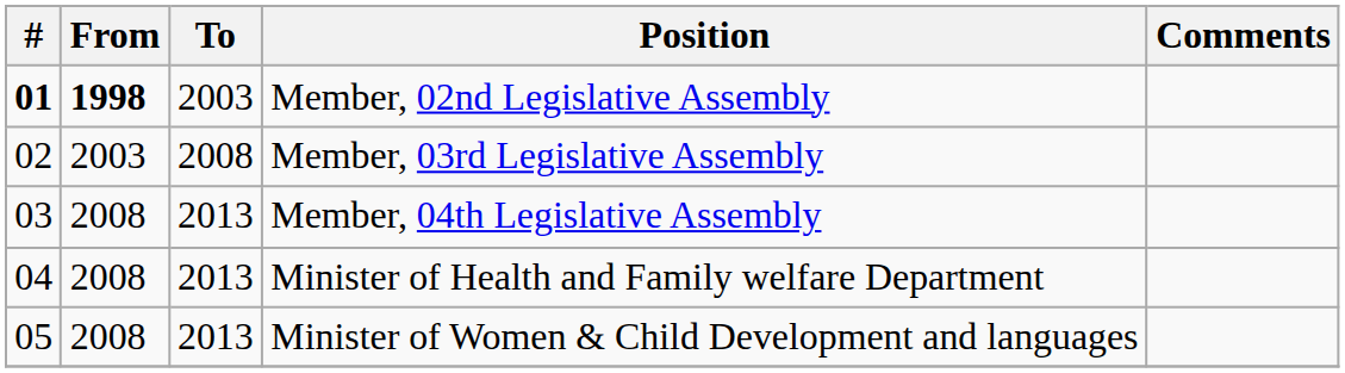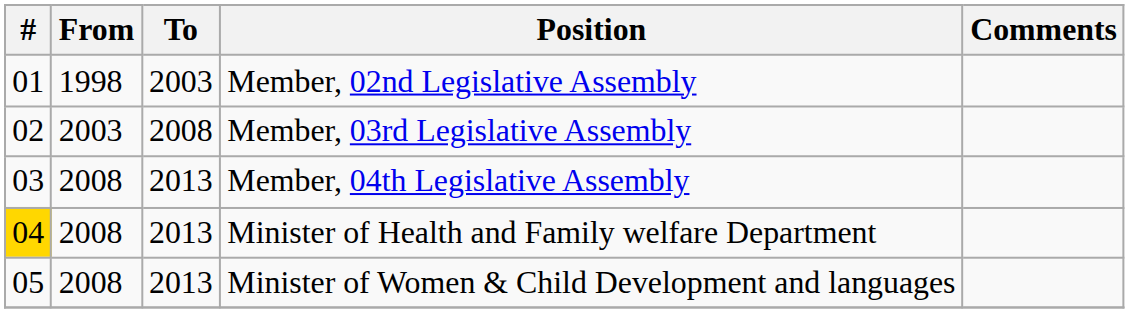 <table class="wikitable sortable">
 <tr>
 <th>#</th>
 <th>From</th>
 <th>To</th>
 <th>Position</th>
 <th>Comments</th>
 </tr>
 <tr>
-<td><strong>01</strong></td>
-<td><strong>1998</strong></td>
+<td>01</td>
+<td>1998</td>
 <td>2003</td>
 <td>Member, <a href='#'>02nd Legislative Assembly</a></td>
 <td></td>
 </tr>
 <tr>
 <td>02</td>
 <td>2003</td>
 <td>2008</td>
 <td>Member, <a href='#'>03rd Legislative Assembly</a></td>
 <td></td>
 </tr>
 <tr>
 <td>03</td>
 <td>2008</td>
 <td>2013</td>
 <td>Member, <a href='#'>04th Legislative Assembly</a></td>
 <td></td>
 </tr>
 <tr>
-<td>04</td>
+<td style="background: gold;">04</td>
 <td>2008</td>
 <td>2013</td>
 <td>Minister of Health and Family welfare Department</td>
 <td></td>
 </tr>
 <tr>
 <td>05</td>
 <td>2008</td>
 <td>2013</td>
 <td>Minister of Women & Child Development and languages</td>
 <td></td>
 </tr>
 <tr>
 </tr>
 </table>
